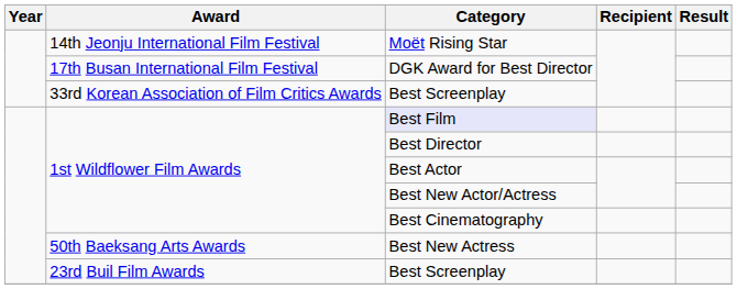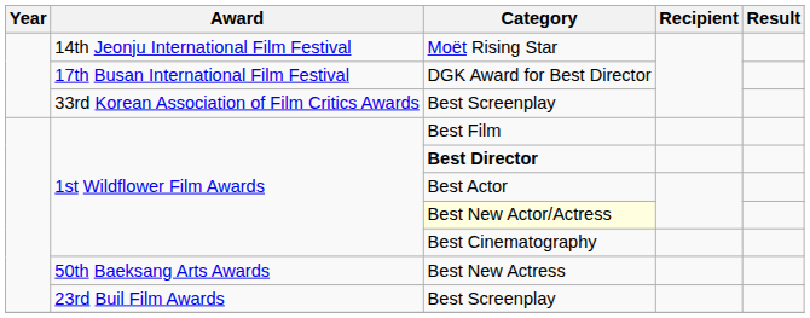 <table class="wikitable">
 <tr>
 <th>Year</th>
 <th>Award</th>
 <th>Category</th>
 <th>Recipient</th>
 <th>Result</th>
 </tr>
 <tr>
 <td rowspan="3"></td>
 <td>14th <a href='#'>Jeonju International Film Festival</a></td>
 <td><a href='#'>Moët</a> Rising Star</td>
 <td rowspan="3"></td>
 <td></td>
 </tr>
 <tr>
 <td><a href='#'>17th</a> <a href='#'>Busan International Film Festival</a></td>
 <td>DGK Award for Best Director</td>
 <td></td>
 </tr>
 <tr>
 <td>33rd <a href='#'>Korean Association of Film Critics Awards</a></td>
 <td>Best Screenplay</td>
 <td></td>
 </tr>
 <tr>
 <td rowspan="7"></td>
 <td rowspan="5"><a href='#'>1st</a> <a href='#'>Wildflower Film Awards</a></td>
-<td style="background: lavender;">Best Film</td>
+<td>Best Film</td>
 <td></td>
 <td></td>
 </tr>
 <tr>
-<td>Best Director</td>
+<td><strong>Best Director</strong></td>
 <td></td>
 <td></td>
 </tr>
 <tr>
 <td>Best Actor</td>
 <td rowspan="2"></td>
 <td></td>
 </tr>
 <tr>
-<td>Best New Actor/Actress</td>
+<td style="background: lightyellow;">Best New Actor/Actress</td>
 <td></td>
 </tr>
 <tr>
 <td>Best Cinematography</td>
 <td></td>
 <td></td>
 </tr>
 <tr>
 <td><a href='#'>50th</a> <a href='#'>Baeksang Arts Awards</a></td>
 <td>Best New Actress</td>
 <td></td>
 <td></td>
 </tr>
 <tr>
 <td><a href='#'>23rd</a> <a href='#'>Buil Film Awards</a></td>
 <td>Best Screenplay</td>
 <td></td>
 <td></td>
 </tr>
 <tr>
 </tr>
 </table>
